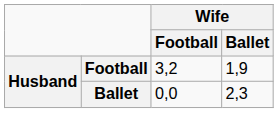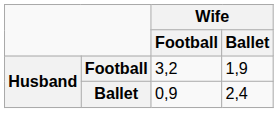 <table class="wikitable defaultcenter">
 <tr>
 <td colspan="2" rowspan="2"></td>
 <th colspan="2">Wife</th>
 </tr>
 <tr>
 <th>Football</th>
 <th>Ballet</th>
 </tr>
 <tr>
 <th rowspan="2">Husband</th>
 <th>Football</th>
 <td>3,2</td>
 <td>1,9</td>
 </tr>
 <tr>
 <th>Ballet</th>
-<td>0,0</td>
-<td>2,3</td>
+<td>0,9</td>
+<td>2,4</td>
 </tr>
 </table>
